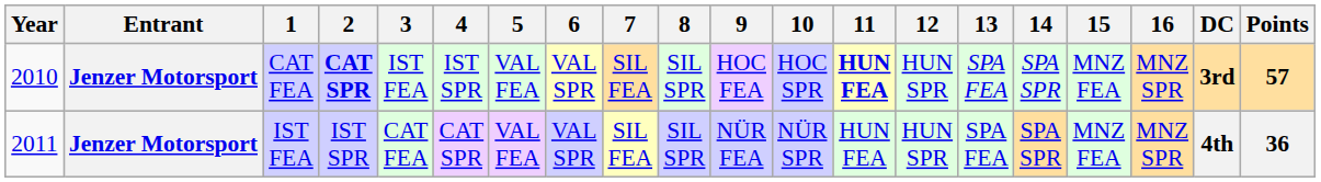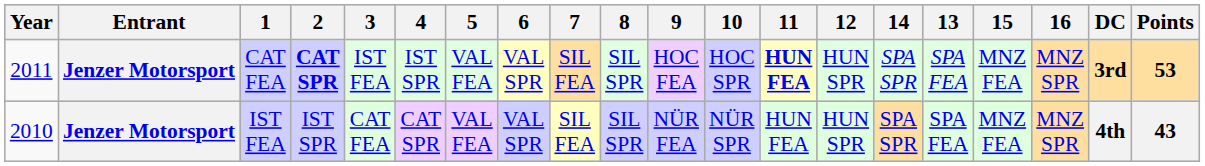 <table class="wikitable" style="text-align:center; font-size:85%">
 <tr>
 <th>Year</th>
 <th>Entrant</th>
 <th>1</th>
 <th>2</th>
 <th>3</th>
 <th>4</th>
 <th>5</th>
 <th>6</th>
 <th>7</th>
 <th>8</th>
 <th>9</th>
 <th>10</th>
 <th>11</th>
 <th>12</th>
+<th>14</th>
 <th>13</th>
-<th>14</th>
 <th>15</th>
 <th>16</th>
 <th>DC</th>
 <th>Points</th>
 </tr>
 <tr>
-<td><a href='#'>2010</a></td>
+<td><a href='#'>2011</a></td>
 <th nowrap><a href='#'>Jenzer Motorsport</a></th>
 <td style="background:#CFCFFF;"><a href='#'>CAT<br>FEA</a><br></td>
 <td style="background:#CFCFFF;"><strong><a href='#'>CAT<br>SPR</a><br></strong></td>
 <td style="background:#dfffdf;"><a href='#'>IST<br>FEA</a><br></td>
 <td style="background:#dfffdf;"><a href='#'>IST<br>SPR</a><br></td>
 <td style="background:#dfffdf;"><a href='#'>VAL<br>FEA</a><br></td>
 <td style="background:#ffffbf;"><a href='#'>VAL<br>SPR</a><br></td>
 <td style="background:#ffdf9f;"><a href='#'>SIL<br>FEA</a><br></td>
 <td style="background:#dfffdf;"><a href='#'>SIL<br>SPR</a><br></td>
 <td style="background:#efcfff;"><a href='#'>HOC<br>FEA</a><br></td>
 <td style="background:#cfcfff;"><a href='#'>HOC<br>SPR</a><br></td>
 <td style="background:#ffffbf;"><strong><a href='#'>HUN<br>FEA</a></strong><br></td>
 <td style="background:#dfffdf;"><a href='#'>HUN<br>SPR</a><br></td>
+<td style="background:#dfffdf;"><em><a href='#'>SPA<br>SPR</a></em><br></td>
 <td style="background:#dfffdf;"><em><a href='#'>SPA<br>FEA</a></em><br></td>
-<td style="background:#dfffdf;"><em><a href='#'>SPA<br>SPR</a></em><br></td>
 <td style="background:#dfffdf;"><a href='#'>MNZ<br>FEA</a><br></td>
 <td style="background:#ffdf9f;"><a href='#'>MNZ<br>SPR</a><br></td>
 <th style="background:#ffdf9f;">3rd</th>
-<th style="background:#ffdf9f;">57</th>
+<th style="background:#ffdf9f;">53</th>
 </tr>
 <tr>
-<td><a href='#'>2011</a></td>
+<td><a href='#'>2010</a></td>
 <th nowrap><a href='#'>Jenzer Motorsport</a></th>
 <td style="background:#CFCFFF;"><a href='#'>IST<br>FEA</a><br></td>
 <td style="background:#CFCFFF;"><a href='#'>IST<br>SPR</a><br></td>
 <td style="background:#dfffdf;"><a href='#'>CAT<br>FEA</a><br></td>
 <td style="background:#efcfff;"><a href='#'>CAT<br>SPR</a><br></td>
 <td style="background:#efcfff;"><a href='#'>VAL<br>FEA</a><br></td>
 <td style="background:#cfcfff;"><a href='#'>VAL<br>SPR</a><br></td>
 <td style="background:#ffffbf;"><a href='#'>SIL<br>FEA</a><br></td>
 <td style="background:#CFCFFF;"><a href='#'>SIL<br>SPR</a><br></td>
 <td style="background:#CFCFFF;"><a href='#'>NÜR<br>FEA</a><br></td>
 <td style="background:#CFCFFF;"><a href='#'>NÜR<br>SPR</a><br></td>
 <td style="background:#dfffdf;"><a href='#'>HUN<br>FEA</a><br></td>
 <td style="background:#dfffdf;"><a href='#'>HUN<br>SPR</a><br></td>
+<td style="background:#ffdf9f;"><a href='#'>SPA<br>SPR</a><br></td>
 <td style="background:#dfffdf;"><a href='#'>SPA<br>FEA</a><br></td>
-<td style="background:#ffdf9f;"><a href='#'>SPA<br>SPR</a><br></td>
 <td style="background:#dfffdf;"><a href='#'>MNZ<br>FEA</a><br></td>
 <td style="background:#ffdf9f;"><a href='#'>MNZ<br>SPR</a><br></td>
 <th>4th</th>
-<th>36</th>
+<th>43</th>
 </tr>
 </table>
